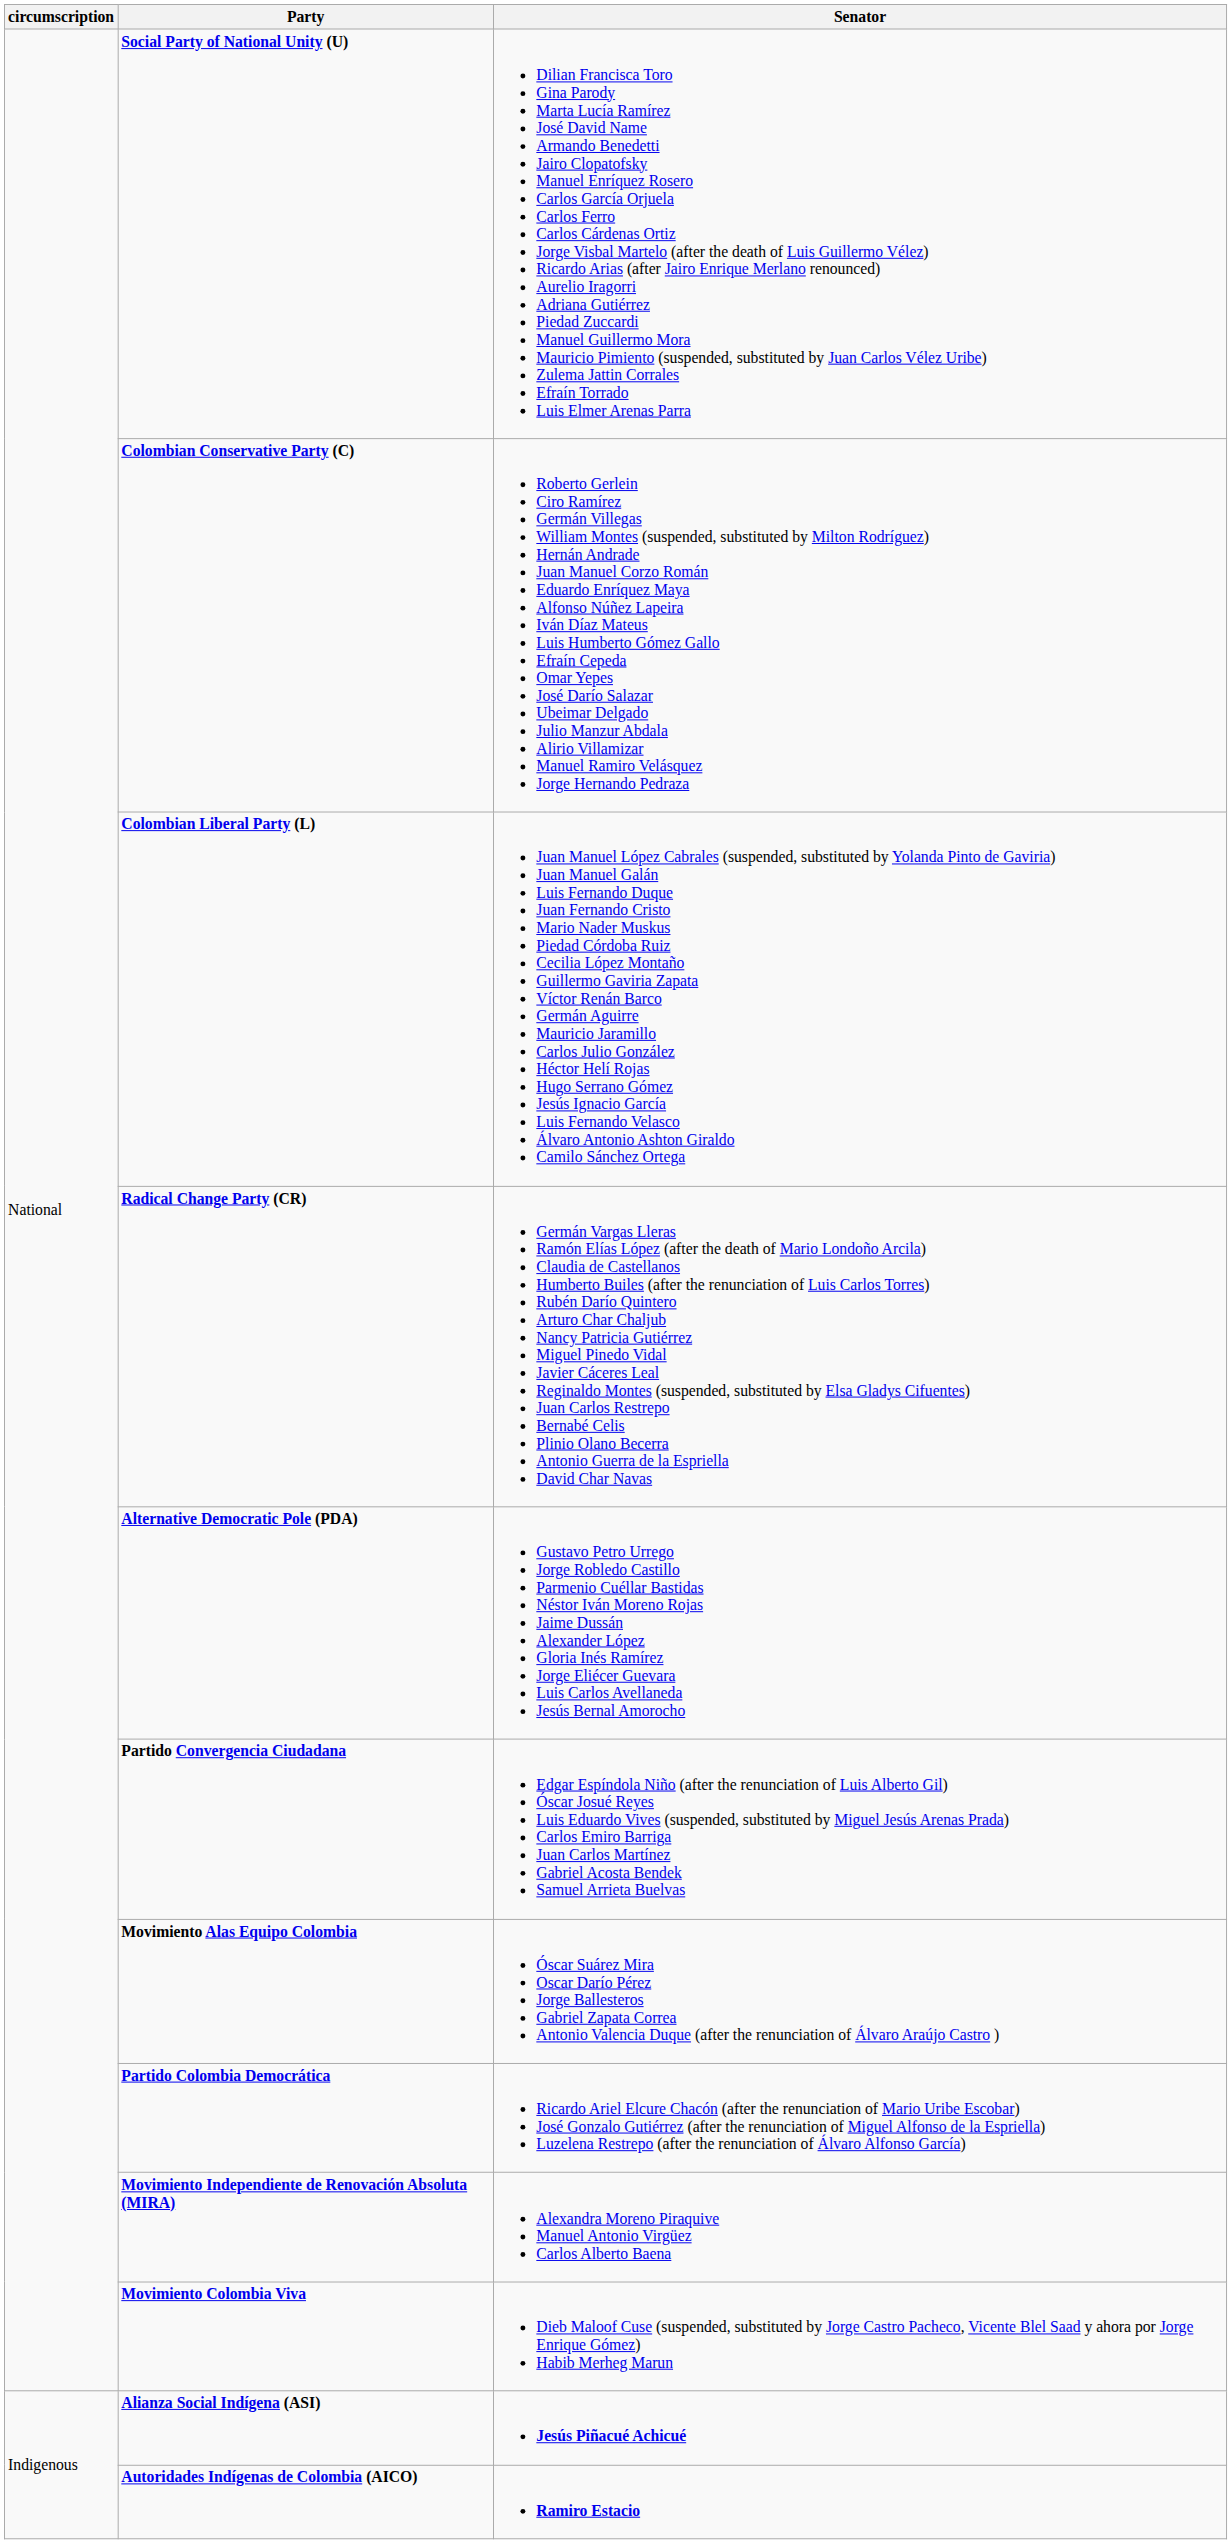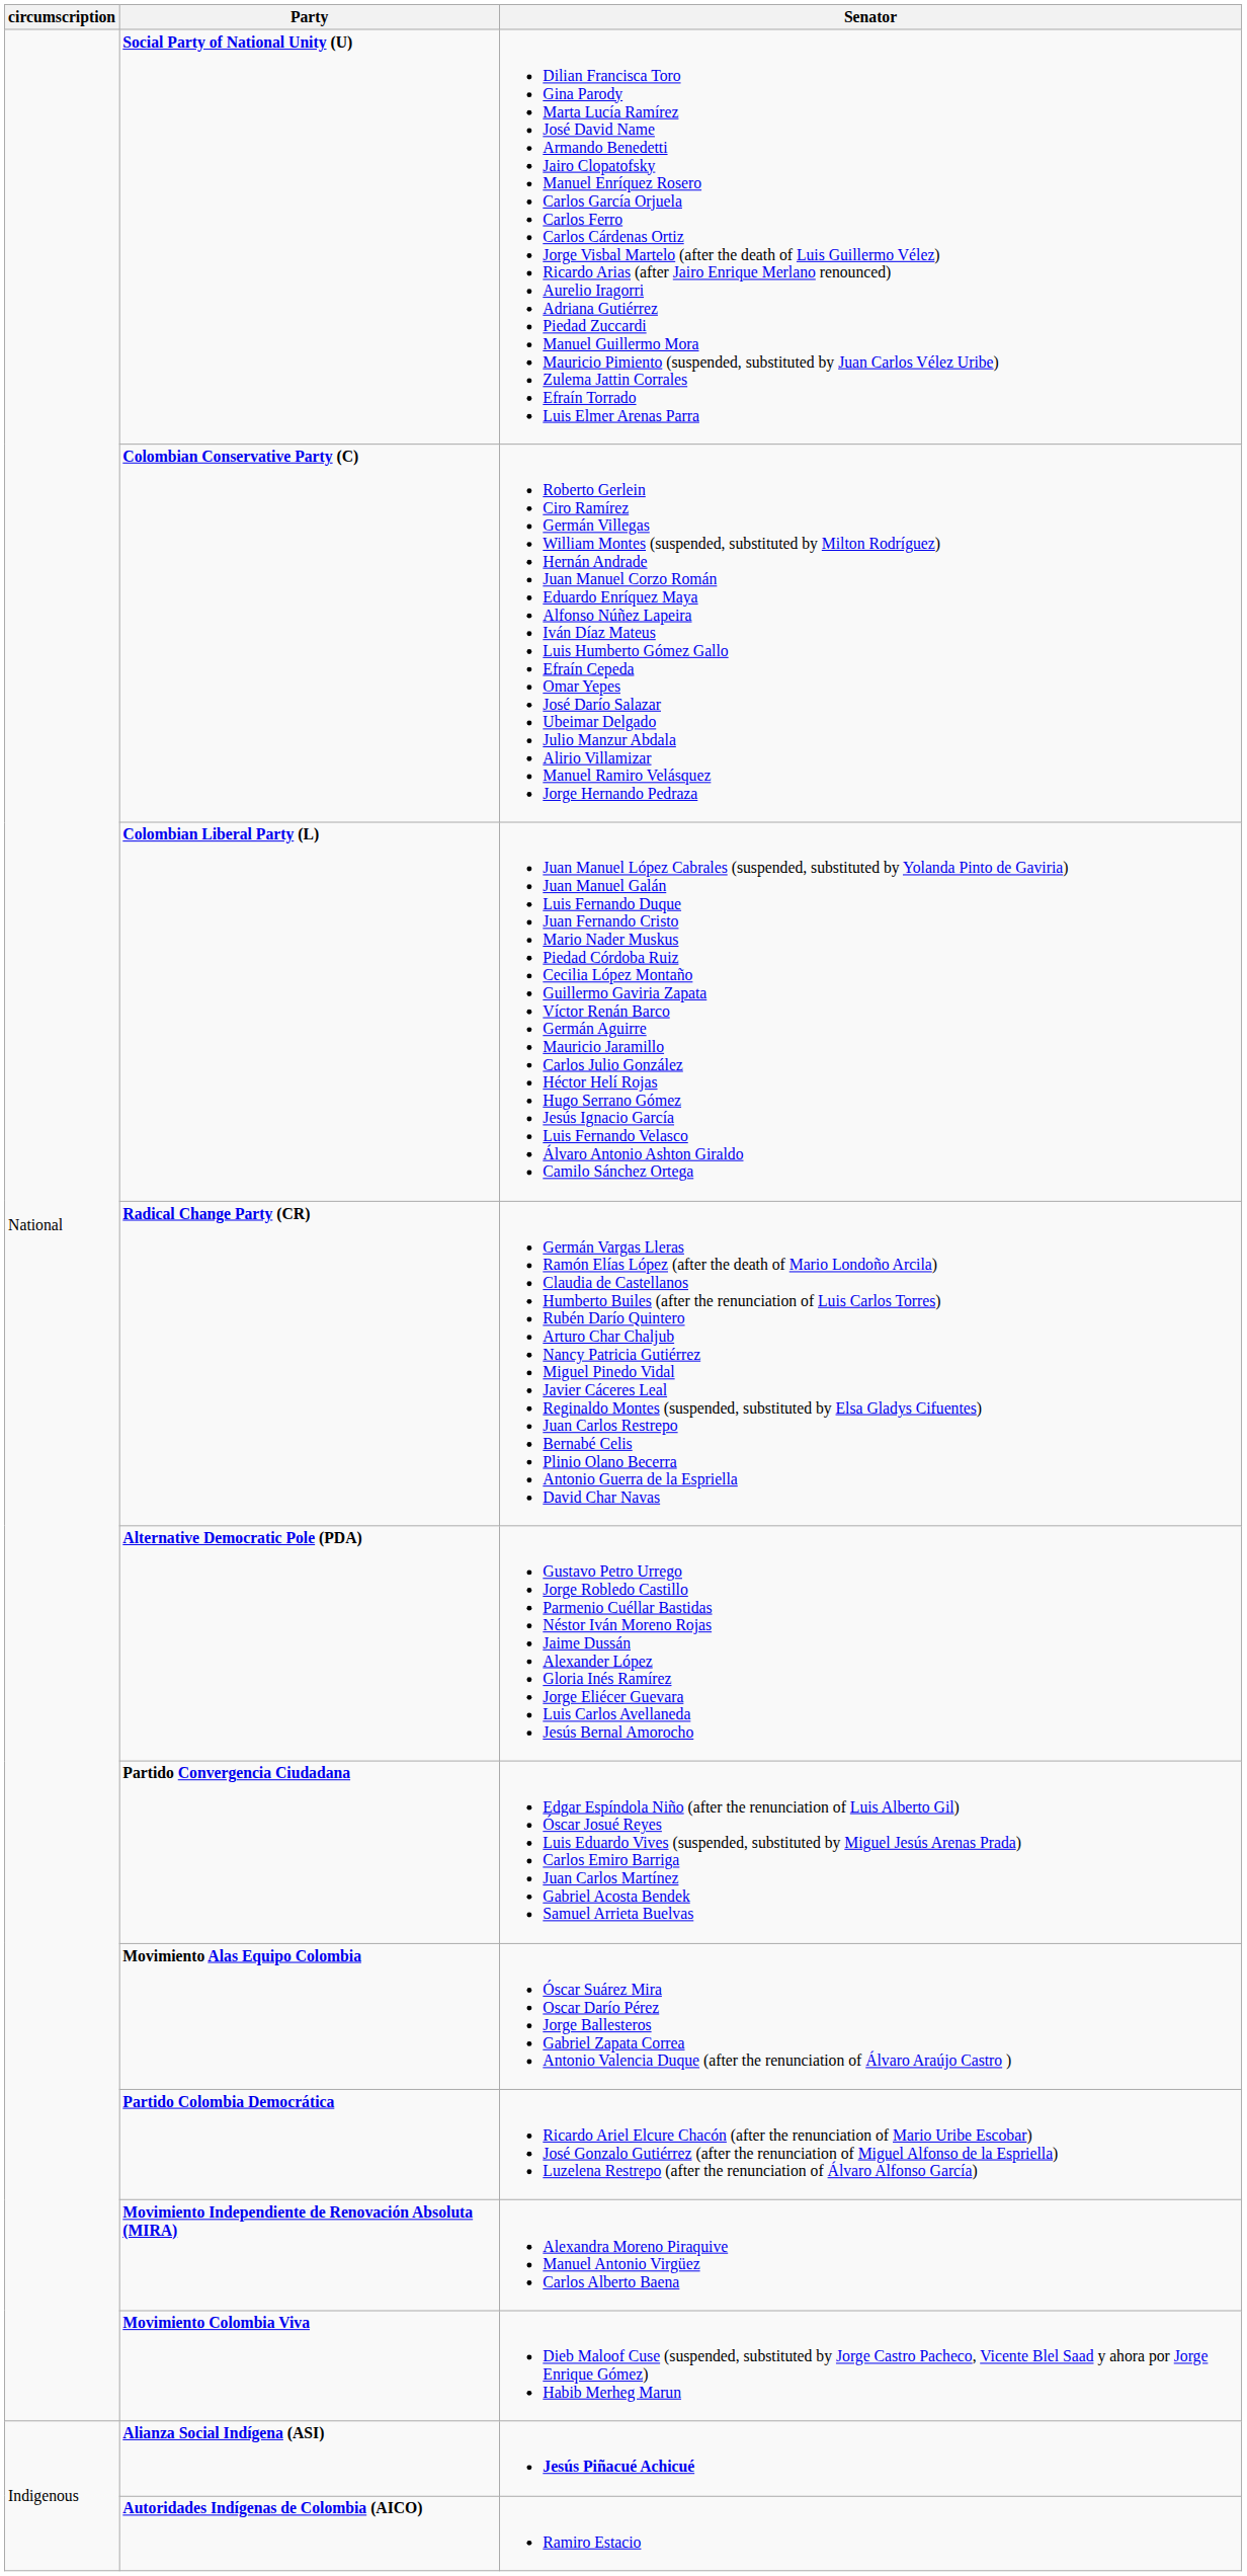 <table class="wikitable">
 <tr>
 <th>circumscription</th>
 <th>Party</th>
 <th>Senator</th>
 </tr>
 <tr>
 <td rowspan="10">National</td>
 <td style="vertical-align:top;"><strong><a href='#'>Social Party of National Unity</a> (U)</strong></td>
 <td><br><ul><li><a href='#'>Dilian Francisca Toro</a></li><li><a href='#'>Gina Parody</a></li><li><a href='#'>Marta Lucía Ramírez</a></li><li><a href='#'>José David Name</a></li><li><a href='#'>Armando Benedetti</a></li><li><a href='#'>Jairo Clopatofsky</a></li><li><a href='#'>Manuel Enríquez Rosero</a></li><li><a href='#'>Carlos García Orjuela</a></li><li><a href='#'>Carlos Ferro</a></li><li><a href='#'>Carlos Cárdenas Ortiz</a></li><li><a href='#'>Jorge Visbal Martelo</a> (after the death of <a href='#'>Luis Guillermo Vélez</a>)</li><li><a href='#'>Ricardo Arias</a> (after <a href='#'>Jairo Enrique Merlano</a> renounced)</li><li><a href='#'>Aurelio Iragorri</a></li><li><a href='#'>Adriana Gutiérrez</a></li><li><a href='#'>Piedad Zuccardi</a></li><li><a href='#'>Manuel Guillermo Mora</a></li><li><a href='#'>Mauricio Pimiento</a> (suspended, substituted by <a href='#'>Juan Carlos Vélez Uribe</a>)</li><li><a href='#'>Zulema Jattin Corrales</a></li><li><a href='#'>Efraín Torrado</a></li><li><a href='#'>Luis Elmer Arenas Parra</a></li></ul></td>
 </tr>
 <tr>
 <td style="vertical-align:top;"><strong><a href='#'>Colombian Conservative Party</a> (C)</strong></td>
 <td><br><ul><li><a href='#'>Roberto Gerlein</a></li><li><a href='#'>Ciro Ramírez</a></li><li><a href='#'>Germán Villegas</a></li><li><a href='#'>William Montes</a> (suspended, substituted by <a href='#'>Milton Rodríguez</a>)</li><li><a href='#'>Hernán Andrade</a></li><li><a href='#'>Juan Manuel Corzo Román</a></li><li><a href='#'>Eduardo Enríquez Maya</a></li><li><a href='#'>Alfonso Núñez Lapeira</a></li><li><a href='#'>Iván Díaz Mateus</a></li><li><a href='#'>Luis Humberto Gómez Gallo</a></li><li><a href='#'>Efraín Cepeda</a></li><li><a href='#'>Omar Yepes</a></li><li><a href='#'>José Darío Salazar</a></li><li><a href='#'>Ubeimar Delgado</a></li><li><a href='#'>Julio Manzur Abdala</a></li><li><a href='#'>Alirio Villamizar</a></li><li><a href='#'>Manuel Ramiro Velásquez</a></li><li><a href='#'>Jorge Hernando Pedraza</a></li></ul></td>
 </tr>
 <tr>
 <td style="vertical-align:top;"><strong><a href='#'>Colombian Liberal Party</a> (L)</strong></td>
 <td><br><ul><li><a href='#'>Juan Manuel López Cabrales</a> (suspended, substituted by <a href='#'>Yolanda Pinto de Gaviria</a>)</li><li><a href='#'>Juan Manuel Galán</a></li><li><a href='#'>Luis Fernando Duque</a></li><li><a href='#'>Juan Fernando Cristo</a></li><li><a href='#'>Mario Nader Muskus</a></li><li><a href='#'>Piedad Córdoba Ruiz</a></li><li><a href='#'>Cecilia López Montaño</a></li><li><a href='#'>Guillermo Gaviria Zapata</a></li><li><a href='#'>Víctor Renán Barco</a></li><li><a href='#'>Germán Aguirre</a></li><li><a href='#'>Mauricio Jaramillo</a></li><li><a href='#'>Carlos Julio González</a></li><li><a href='#'>Héctor Helí Rojas</a></li><li><a href='#'>Hugo Serrano Gómez</a></li><li><a href='#'>Jesús Ignacio García</a></li><li><a href='#'>Luis Fernando Velasco</a></li><li><a href='#'>Álvaro Antonio Ashton Giraldo</a></li><li><a href='#'>Camilo Sánchez Ortega</a></li></ul></td>
 </tr>
 <tr>
 <td style="vertical-align:top;"><strong><a href='#'>Radical Change Party</a> (CR)</strong></td>
 <td><br><ul><li><a href='#'>Germán Vargas Lleras</a></li><li><a href='#'>Ramón Elías López</a> (after the death of <a href='#'>Mario Londoño Arcila</a>)</li><li><a href='#'>Claudia de Castellanos</a></li><li><a href='#'>Humberto Builes</a> (after the renunciation of <a href='#'>Luis Carlos Torres</a>)</li><li><a href='#'>Rubén Darío Quintero</a></li><li><a href='#'>Arturo Char Chaljub</a></li><li><a href='#'>Nancy Patricia Gutiérrez</a></li><li><a href='#'>Miguel Pinedo Vidal</a></li><li><a href='#'>Javier Cáceres Leal</a></li><li><a href='#'>Reginaldo Montes</a> (suspended, substituted by <a href='#'>Elsa Gladys Cifuentes</a>)</li><li><a href='#'>Juan Carlos Restrepo</a></li><li><a href='#'>Bernabé Celis</a></li><li><a href='#'>Plinio Olano Becerra</a></li><li><a href='#'>Antonio Guerra de la Espriella</a></li><li><a href='#'>David Char Navas</a></li></ul></td>
 </tr>
 <tr>
 <td style="vertical-align:top;"><strong><a href='#'>Alternative Democratic Pole</a> (PDA)</strong></td>
 <td><br><ul><li><a href='#'>Gustavo Petro Urrego</a></li><li><a href='#'>Jorge Robledo Castillo</a></li><li><a href='#'>Parmenio Cuéllar Bastidas</a></li><li><a href='#'>Néstor Iván Moreno Rojas</a></li><li><a href='#'>Jaime Dussán</a></li><li><a href='#'>Alexander López</a></li><li><a href='#'>Gloria Inés Ramírez</a></li><li><a href='#'>Jorge Eliécer Guevara</a></li><li><a href='#'>Luis Carlos Avellaneda</a></li><li><a href='#'>Jesús Bernal Amorocho</a></li></ul></td>
 </tr>
 <tr>
 <td style="vertical-align:top;"><strong>Partido <a href='#'>Convergencia Ciudadana</a></strong></td>
 <td><br><ul><li><a href='#'>Edgar Espíndola Niño</a> (after the renunciation of <a href='#'>Luis Alberto Gil</a>)</li><li><a href='#'>Óscar Josué Reyes</a></li><li><a href='#'>Luis Eduardo Vives</a> (suspended, substituted by <a href='#'>Miguel Jesús Arenas Prada</a>)</li><li><a href='#'>Carlos Emiro Barriga</a></li><li><a href='#'>Juan Carlos Martínez</a></li><li><a href='#'>Gabriel Acosta Bendek</a></li><li><a href='#'>Samuel Arrieta Buelvas</a></li></ul></td>
 </tr>
 <tr>
 <td style="vertical-align:top;"><strong>Movimiento <a href='#'>Alas Equipo Colombia</a></strong></td>
 <td><br><ul><li><a href='#'>Óscar Suárez Mira</a></li><li><a href='#'>Oscar Darío Pérez</a></li><li><a href='#'>Jorge Ballesteros</a></li><li><a href='#'>Gabriel Zapata Correa</a></li><li><a href='#'>Antonio Valencia Duque</a> (after the renunciation of <a href='#'>Álvaro Araújo Castro</a> )</li></ul></td>
 </tr>
 <tr>
 <td style="vertical-align:top;"><strong><a href='#'>Partido Colombia Democrática</a></strong></td>
 <td><br><ul><li><a href='#'>Ricardo Ariel Elcure Chacón</a> (after the renunciation of <a href='#'>Mario Uribe Escobar</a>)</li><li><a href='#'>José Gonzalo Gutiérrez</a> (after the renunciation of <a href='#'>Miguel Alfonso de la Espriella</a>)</li><li><a href='#'>Luzelena Restrepo</a> (after the renunciation of <a href='#'>Álvaro Alfonso García</a>)</li></ul></td>
 </tr>
 <tr>
 <td style="vertical-align:top;"><strong><a href='#'>Movimiento Independiente de Renovación Absoluta (MIRA)</a></strong></td>
 <td><br><ul><li><a href='#'>Alexandra Moreno Piraquive</a></li><li><a href='#'>Manuel Antonio Virgüez</a></li><li><a href='#'>Carlos Alberto Baena</a></li></ul></td>
 </tr>
 <tr>
 <td style="vertical-align:top;"><strong><a href='#'>Movimiento Colombia Viva</a></strong></td>
 <td><br><ul><li><a href='#'>Dieb Maloof Cuse</a> (suspended, substituted by <a href='#'>Jorge Castro Pacheco</a>, <a href='#'>Vicente Blel Saad</a> y ahora por <a href='#'>Jorge Enrique Gómez</a>)</li><li><a href='#'>Habib Merheg Marun</a></li></ul></td>
 </tr>
 <tr>
 <td rowspan="2">Indigenous</td>
 <td style="vertical-align:top;"><strong><a href='#'>Alianza Social Indígena</a> (ASI)</strong></td>
 <td><strong><br><ul><li><a href='#'>Jesús Piñacué Achicué</a></li></ul></strong></td>
 </tr>
 <tr>
 <td style="vertical-align:top;"><strong><a href='#'>Autoridades Indígenas de Colombia</a> (AICO)</strong></td>
-<td><strong><br><ul><li><a href='#'>Ramiro Estacio</a></li></ul></strong></td>
+<td><br><ul><li><a href='#'>Ramiro Estacio</a></li></ul></td>
 </tr>
 </table>
